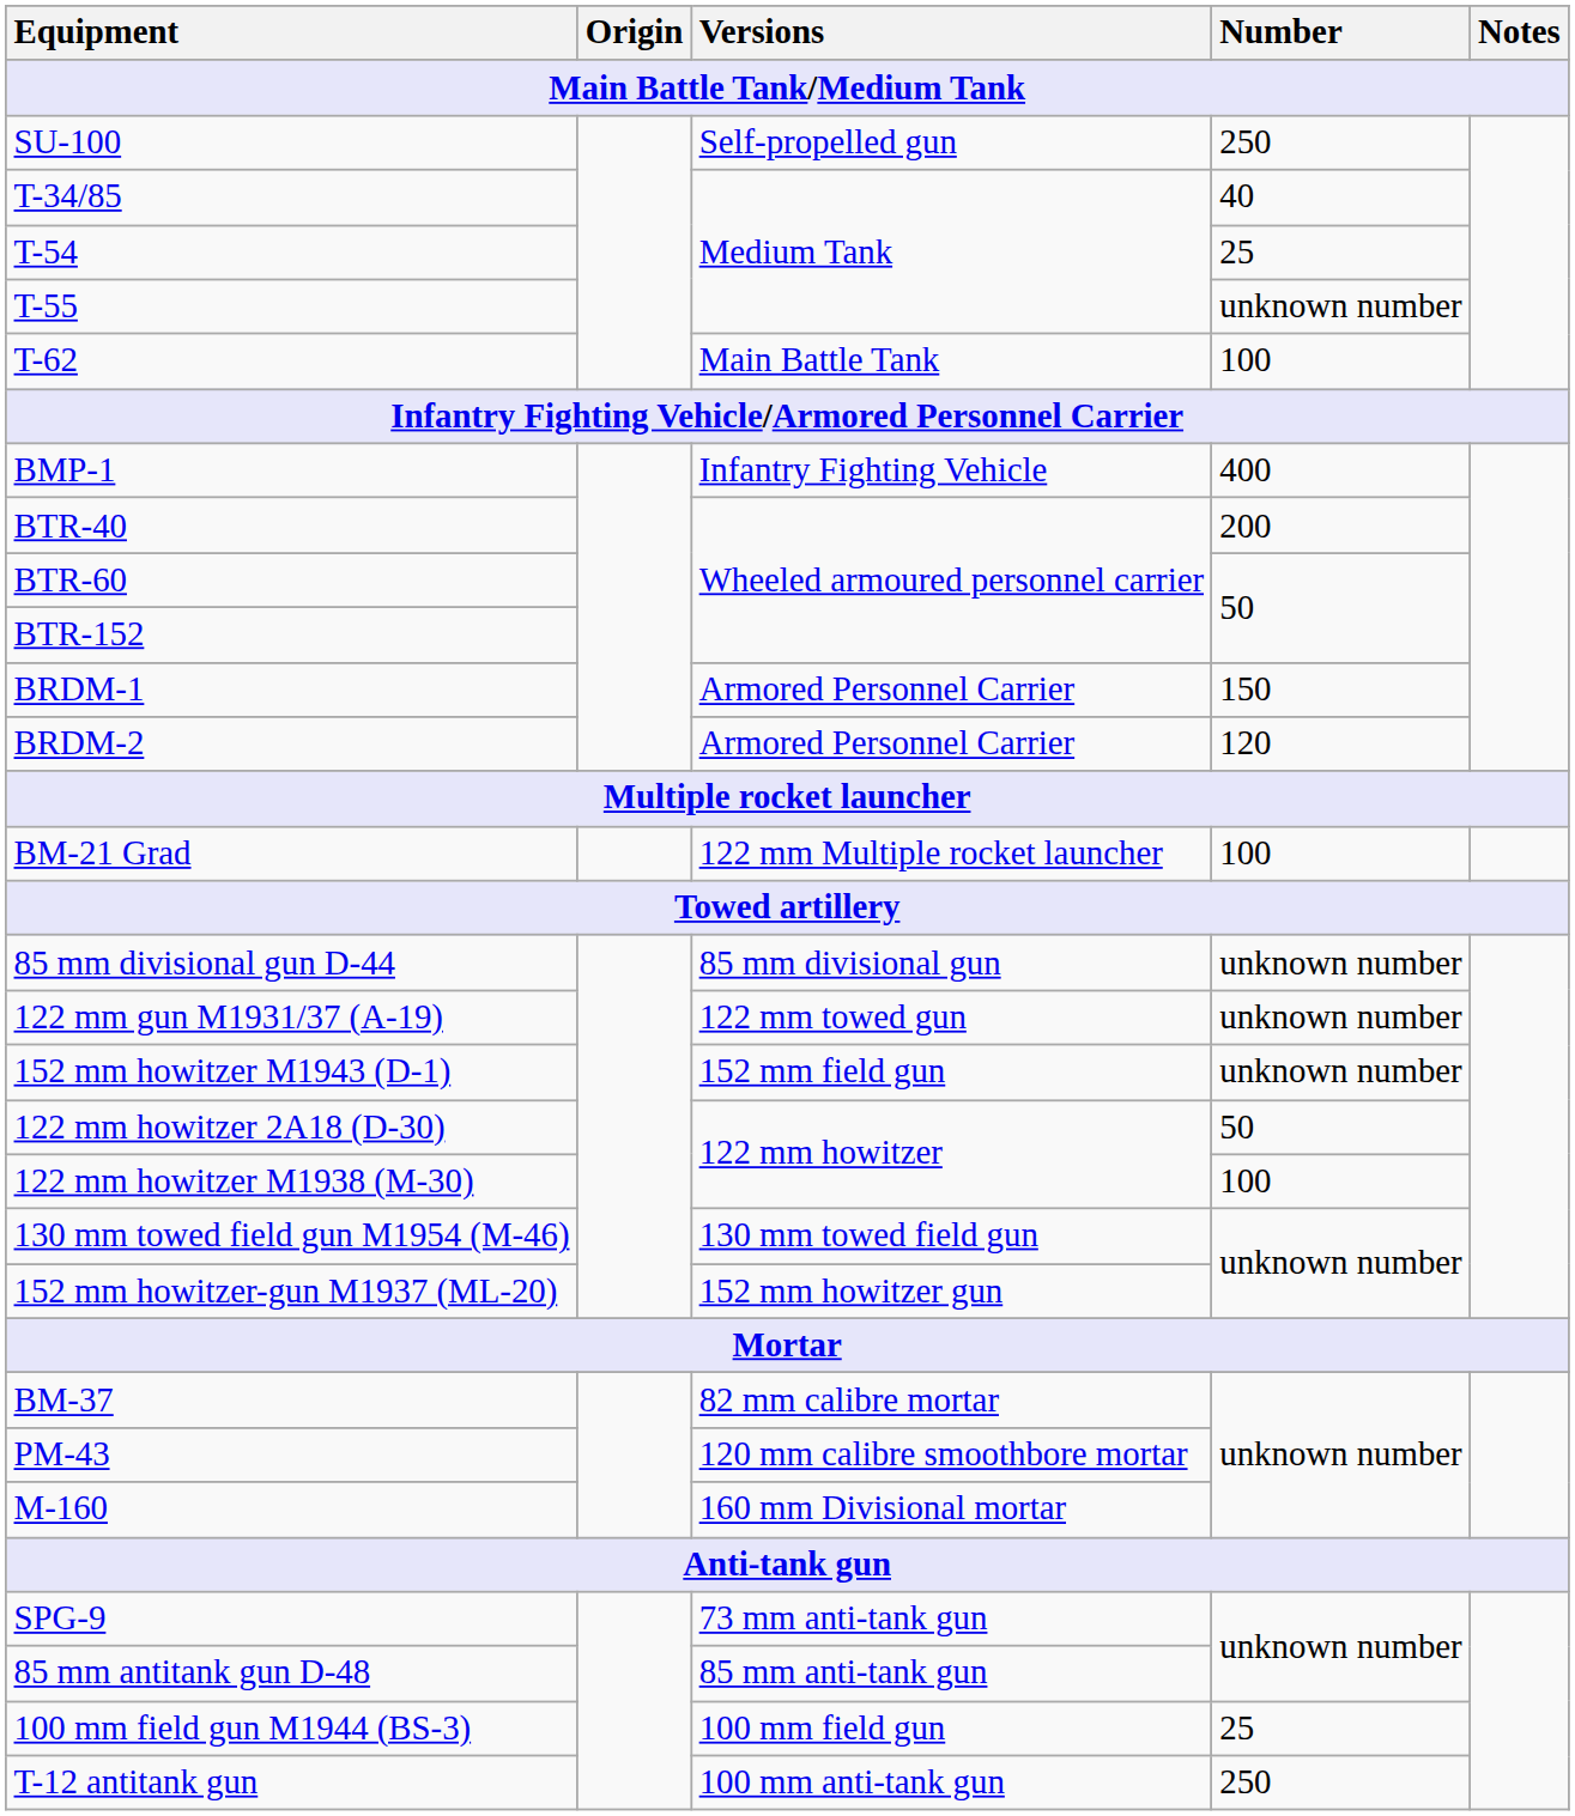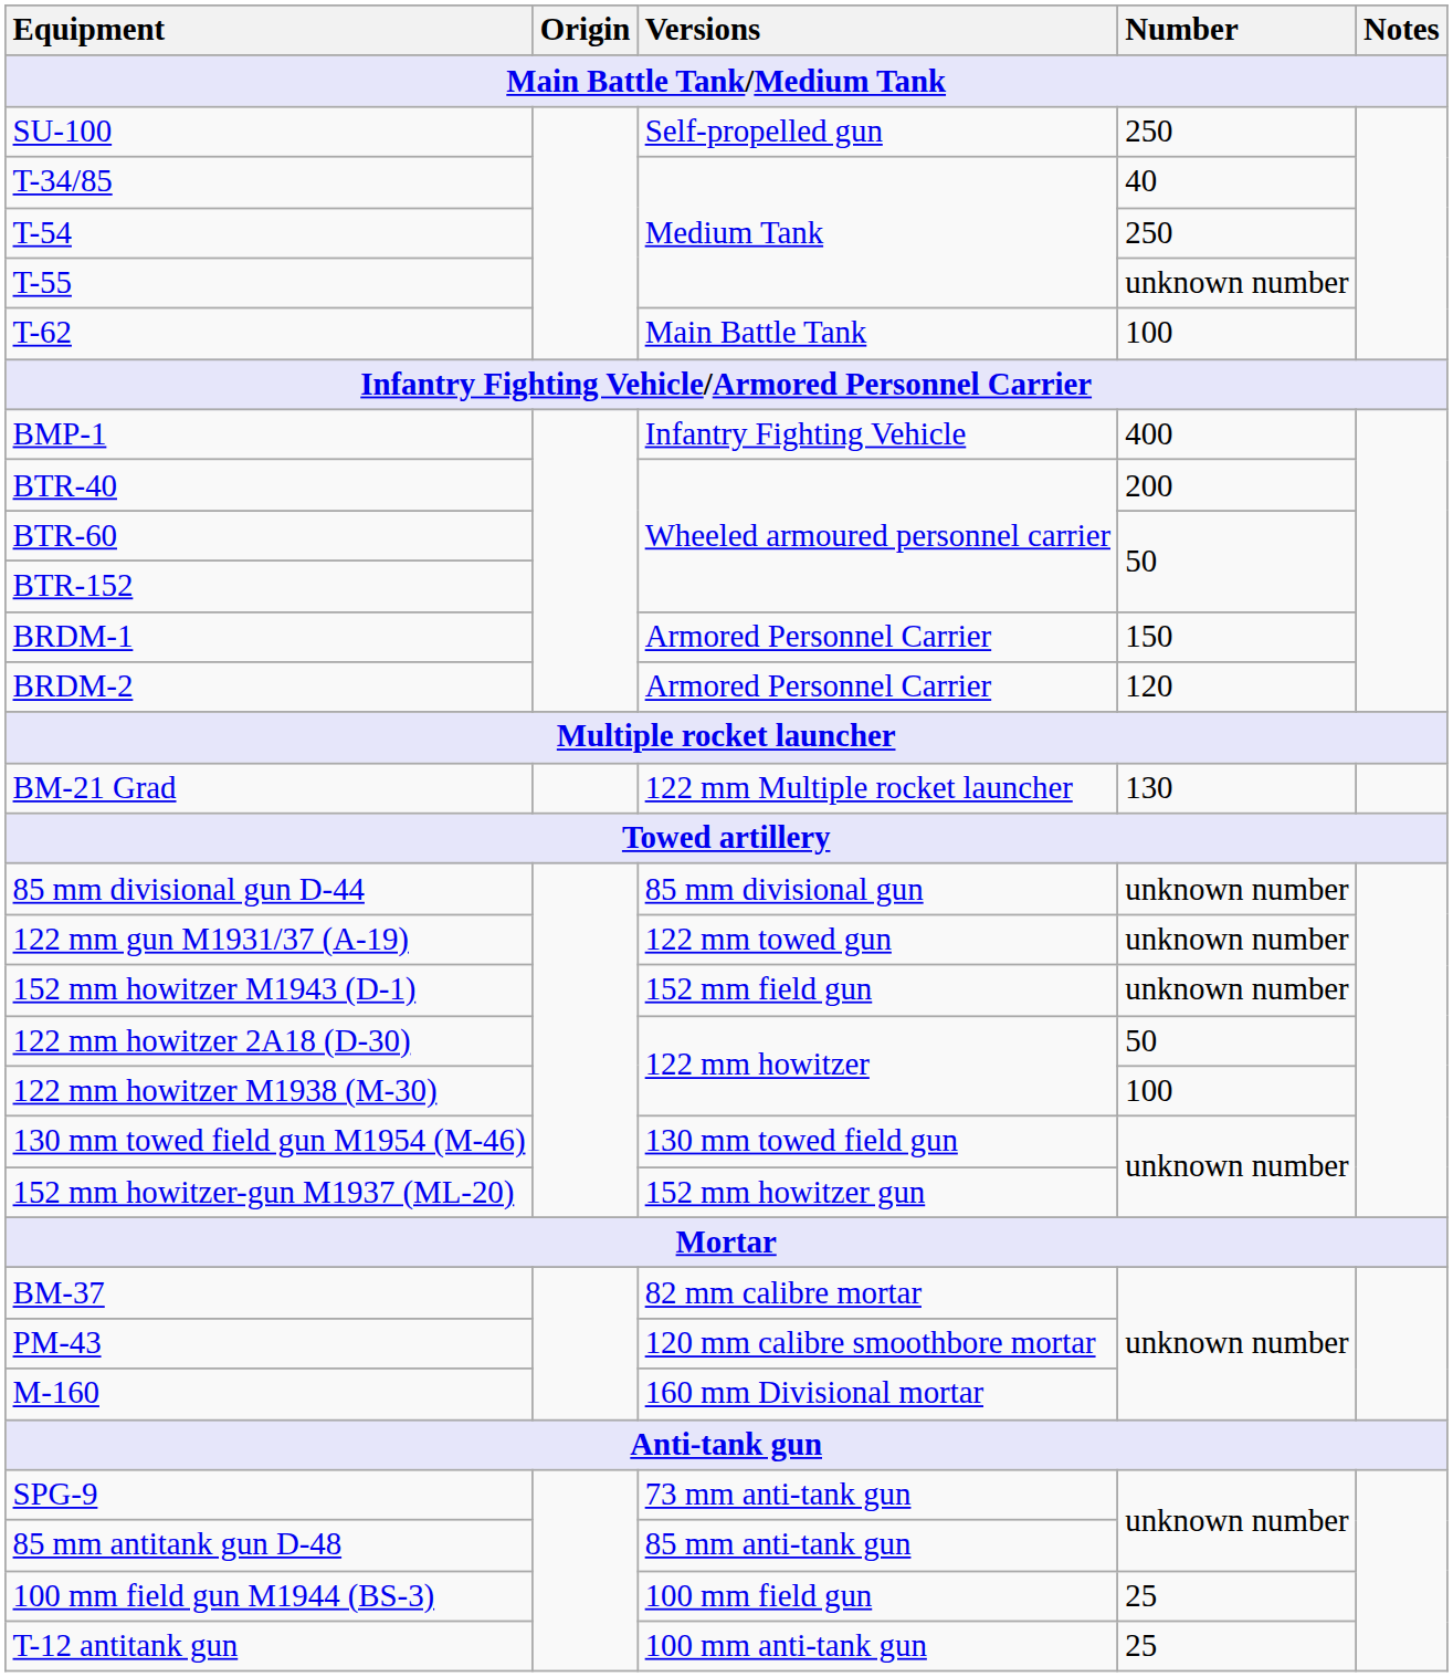 <table class="wikitable">
 <tr>
 <th style="text-align: left;">Equipment</th>
 <th style="text-align: left;">Origin</th>
 <th style="text-align: left;">Versions</th>
 <th style="text-align: left;">Number</th>
 <th style="text-align: left;">Notes</th>
 </tr>
 <tr>
 <th colspan="5" style="align: center; background: lavender;"><strong><a href='#'>Main Battle Tank</a>/<a href='#'>Medium Tank</a></strong></th>
 </tr>
 <tr>
 <td><a href='#'>SU-100</a></td>
 <td rowspan="5"></td>
 <td><a href='#'>Self-propelled gun</a></td>
 <td>250</td>
 <td rowspan="5"></td>
 </tr>
 <tr>
 <td><a href='#'>T-34/85</a></td>
 <td rowspan="3"><a href='#'>Medium Tank</a></td>
 <td>40</td>
 </tr>
 <tr>
 <td><a href='#'>T-54</a></td>
-<td>25</td>
+<td>250</td>
 </tr>
 <tr>
 <td><a href='#'>T-55</a></td>
 <td>unknown number</td>
 </tr>
 <tr>
 <td><a href='#'>T-62</a></td>
 <td><a href='#'>Main Battle Tank</a></td>
 <td>100</td>
 </tr>
 <tr>
 <th colspan="5" style="align: center; background: lavender;"><strong><a href='#'>Infantry Fighting Vehicle</a>/<a href='#'>Armored Personnel Carrier</a></strong></th>
 </tr>
 <tr>
 <td><a href='#'>BMP-1</a></td>
 <td rowspan="6"></td>
 <td><a href='#'>Infantry Fighting Vehicle</a></td>
 <td>400</td>
 <td rowspan="6"></td>
 </tr>
 <tr>
 <td><a href='#'>BTR-40</a></td>
 <td rowspan="3"><a href='#'>Wheeled armoured personnel carrier</a></td>
 <td>200</td>
 </tr>
 <tr>
 <td><a href='#'>BTR-60</a></td>
 <td rowspan="2">50</td>
 </tr>
 <tr>
 <td><a href='#'>BTR-152</a></td>
 </tr>
 <tr>
 <td><a href='#'>BRDM-1</a></td>
 <td><a href='#'>Armored Personnel Carrier</a></td>
 <td>150</td>
 </tr>
 <tr>
 <td><a href='#'>BRDM-2</a></td>
 <td><a href='#'>Armored Personnel Carrier</a></td>
 <td>120</td>
 </tr>
 <tr>
 <th colspan="5" style="align: center; background: lavender;"><strong><a href='#'>Multiple rocket launcher</a></strong></th>
 </tr>
 <tr>
 <td><a href='#'>BM-21 Grad</a></td>
 <td></td>
 <td><a href='#'>122&nbsp;mm Multiple rocket launcher</a></td>
-<td>100</td>
+<td>130</td>
 <td></td>
 </tr>
 <tr>
 <th colspan="5" style="align: center; background: lavender;"><strong><a href='#'>Towed artillery</a></strong></th>
 </tr>
 <tr>
 <td><a href='#'>85 mm divisional gun D-44</a></td>
 <td rowspan="7"></td>
 <td><a href='#'>85&nbsp;mm divisional gun</a></td>
 <td>unknown number</td>
 <td rowspan="7"></td>
 </tr>
 <tr>
 <td><a href='#'>122 mm gun M1931/37 (A-19)</a></td>
 <td><a href='#'>122&nbsp;mm towed gun</a></td>
 <td>unknown number</td>
 </tr>
 <tr>
 <td><a href='#'>152 mm howitzer M1943 (D-1)</a></td>
 <td><a href='#'>152 mm field gun</a></td>
 <td>unknown number</td>
 </tr>
 <tr>
 <td><a href='#'>122 mm howitzer 2A18 (D-30)</a></td>
 <td rowspan="2"><a href='#'>122 mm howitzer</a></td>
 <td>50</td>
 </tr>
 <tr>
 <td><a href='#'>122 mm howitzer M1938 (M-30)</a></td>
 <td>100</td>
 </tr>
 <tr>
 <td><a href='#'>130 mm towed field gun M1954 (M-46)</a></td>
 <td><a href='#'>130 mm towed field gun</a></td>
 <td rowspan="2">unknown number</td>
 </tr>
 <tr>
 <td><a href='#'>152 mm howitzer-gun M1937 (ML-20)</a></td>
 <td><a href='#'>152 mm howitzer gun</a></td>
 </tr>
 <tr>
 <th colspan="5" style="align: center; background: lavender;"><strong><a href='#'>Mortar</a></strong></th>
 </tr>
 <tr>
 <td><a href='#'>BM-37</a></td>
 <td rowspan="3"></td>
 <td><a href='#'>82&nbsp;mm calibre mortar</a></td>
 <td rowspan="3">unknown number</td>
 <td rowspan="3"></td>
 </tr>
 <tr>
 <td><a href='#'>PM-43</a></td>
 <td><a href='#'>120&nbsp;mm calibre smoothbore mortar</a></td>
 </tr>
 <tr>
 <td><a href='#'>M-160</a></td>
 <td><a href='#'>160&nbsp;mm Divisional mortar</a></td>
 </tr>
 <tr>
 <th colspan="5" style="align: center; background: lavender;"><strong><a href='#'>Anti-tank gun</a></strong></th>
 </tr>
 <tr>
 <td><a href='#'>SPG-9</a></td>
 <td rowspan="4"></td>
 <td><a href='#'>73&nbsp;mm anti-tank gun</a></td>
 <td rowspan="2">unknown number</td>
 <td rowspan="4"></td>
 </tr>
 <tr>
 <td><a href='#'>85 mm antitank gun D-48</a></td>
 <td><a href='#'>85&nbsp;mm anti-tank gun</a></td>
 </tr>
 <tr>
 <td><a href='#'>100 mm field gun M1944 (BS-3)</a></td>
 <td><a href='#'>100&nbsp;mm field gun</a></td>
 <td>25</td>
 </tr>
 <tr>
 <td><a href='#'>T-12 antitank gun</a></td>
 <td><a href='#'>100&nbsp;mm anti-tank gun</a></td>
-<td>250</td>
+<td>25</td>
 </tr>
 </table>
